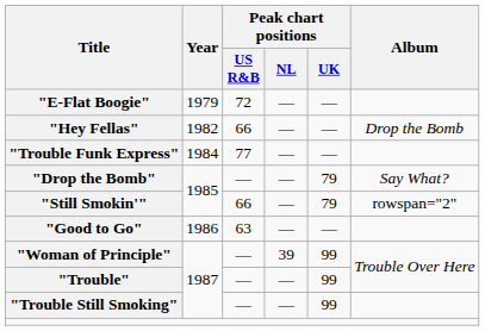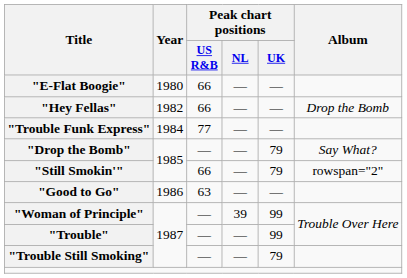 <table class="wikitable plainrowheaders" style="text-align:center;">
 <tr>
 <th rowspan="2">Title</th>
 <th rowspan="2">Year</th>
 <th colspan="3">Peak chart positions</th>
 <th rowspan="2">Album</th>
 </tr>
 <tr>
 <th scope="col" style="width:2.5em;font-size:90%;"><a href='#'>US<br>R&B</a><br></th>
 <th scope="col" style="width:2.5em;font-size:90%;"><a href='#'>NL</a><br></th>
 <th scope="col" style="width:2.5em;font-size:90%;"><a href='#'>UK</a><br></th>
 </tr>
 <tr>
 <th scope="row">"E-Flat Boogie"</th>
-<td>1979</td>
-<td>72</td>
+<td>1980</td>
+<td>66</td>
 <td>—</td>
 <td>—</td>
 <td></td>
 </tr>
 <tr>
 <th scope="row">"Hey Fellas"</th>
 <td>1982</td>
 <td>66</td>
 <td>—</td>
 <td>—</td>
 <td><em>Drop the Bomb</em></td>
 </tr>
 <tr>
 <th scope="row">"Trouble Funk Express"</th>
 <td>1984</td>
 <td>77</td>
 <td>—</td>
 <td>—</td>
 <td></td>
 </tr>
 <tr>
 <th scope="row">"Drop the Bomb"</th>
 <td rowspan="2">1985</td>
 <td>—</td>
 <td>—</td>
 <td>79</td>
 <td><em>Say What?</em></td>
 </tr>
 <tr>
 <th scope="row">"Still Smokin'"</th>
 <td>66</td>
 <td>—</td>
 <td>79</td>
 <td>rowspan="2" </td>
 </tr>
 <tr>
 <th scope="row">"Good to Go"</th>
 <td>1986</td>
 <td>63</td>
 <td>—</td>
 <td>—</td>
 </tr>
 <tr>
 <th scope="row">"Woman of Principle"</th>
 <td rowspan="3">1987</td>
 <td>—</td>
 <td>39</td>
 <td>99</td>
 <td rowspan="2"><em>Trouble Over Here</em></td>
 </tr>
 <tr>
 <th scope="row">"Trouble"</th>
 <td>—</td>
 <td>—</td>
 <td>99</td>
 </tr>
 <tr>
 <th scope="row">"Trouble Still Smoking"</th>
 <td>—</td>
 <td>—</td>
-<td>99</td>
+<td>79</td>
 <td></td>
 </tr>
 <tr>
 <td colspan="6"></td>
 </tr>
 </table>
